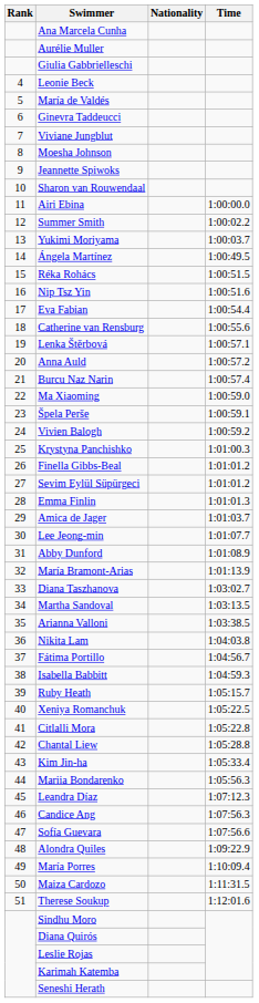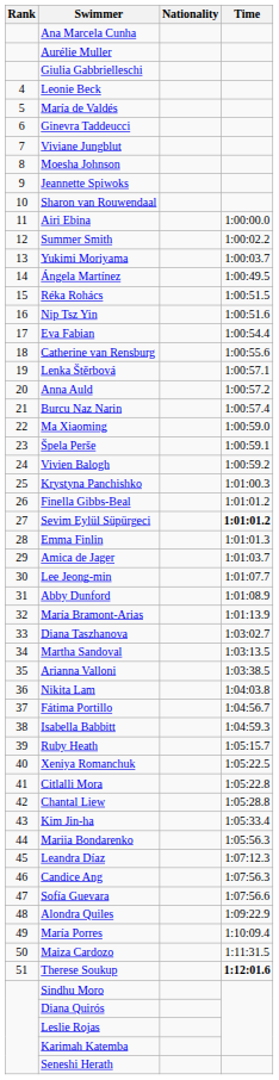 <table class="wikitable sortable" style="text-align:center">
 <tr>
 <th>Rank</th>
 <th>Swimmer</th>
 <th>Nationality</th>
 <th>Time</th>
 </tr>
 <tr>
 <td></td>
 <td align=left><a href='#'>Ana Marcela Cunha</a></td>
 <td align=left></td>
 <td></td>
 </tr>
 <tr>
 <td></td>
 <td align=left><a href='#'>Aurélie Muller</a></td>
 <td align=left></td>
 <td></td>
 </tr>
 <tr>
 <td></td>
 <td align=left><a href='#'>Giulia Gabbrielleschi</a></td>
 <td align=left></td>
 <td></td>
 </tr>
 <tr>
 <td>4</td>
 <td align=left><a href='#'>Leonie Beck</a></td>
 <td align=left></td>
 <td></td>
 </tr>
 <tr>
 <td>5</td>
 <td align=left><a href='#'>María de Valdés</a></td>
 <td align=left></td>
 <td></td>
 </tr>
 <tr>
 <td>6</td>
 <td align=left><a href='#'>Ginevra Taddeucci</a></td>
 <td align=left></td>
 <td></td>
 </tr>
 <tr>
 <td>7</td>
 <td align=left><a href='#'>Viviane Jungblut</a></td>
 <td align=left></td>
 <td></td>
 </tr>
 <tr>
 <td>8</td>
 <td align=left><a href='#'>Moesha Johnson</a></td>
 <td align=left></td>
 <td></td>
 </tr>
 <tr>
 <td>9</td>
 <td align=left><a href='#'>Jeannette Spiwoks</a></td>
 <td align=left></td>
 <td></td>
 </tr>
 <tr>
 <td>10</td>
 <td align=left><a href='#'>Sharon van Rouwendaal</a></td>
 <td align=left></td>
 <td></td>
 </tr>
 <tr>
 <td>11</td>
 <td align=left><a href='#'>Airi Ebina</a></td>
 <td align=left></td>
 <td>1:00:00.0</td>
 </tr>
 <tr>
 <td>12</td>
 <td align=left><a href='#'>Summer Smith</a></td>
 <td align=left></td>
 <td>1:00:02.2</td>
 </tr>
 <tr>
 <td>13</td>
 <td align=left><a href='#'>Yukimi Moriyama</a></td>
 <td align=left></td>
 <td>1:00:03.7</td>
 </tr>
 <tr>
 <td>14</td>
 <td align=left><a href='#'>Ángela Martínez</a></td>
 <td align=left></td>
 <td>1:00:49.5</td>
 </tr>
 <tr>
 <td>15</td>
 <td align=left><a href='#'>Réka Rohács</a></td>
 <td align=left></td>
 <td>1:00:51.5</td>
 </tr>
 <tr>
 <td>16</td>
 <td align=left><a href='#'>Nip Tsz Yin</a></td>
 <td align=left></td>
 <td>1:00:51.6</td>
 </tr>
 <tr>
 <td>17</td>
 <td align=left><a href='#'>Eva Fabian</a></td>
 <td align=left></td>
 <td>1:00:54.4</td>
 </tr>
 <tr>
 <td>18</td>
 <td align=left><a href='#'>Catherine van Rensburg</a></td>
 <td align=left></td>
 <td>1:00:55.6</td>
 </tr>
 <tr>
 <td>19</td>
 <td align=left><a href='#'>Lenka Štěrbová</a></td>
 <td align=left></td>
 <td>1:00:57.1</td>
 </tr>
 <tr>
 <td>20</td>
 <td align=left><a href='#'>Anna Auld</a></td>
 <td align=left></td>
 <td>1:00:57.2</td>
 </tr>
 <tr>
 <td>21</td>
 <td align=left><a href='#'>Burcu Naz Narin</a></td>
 <td align=left></td>
 <td>1:00:57.4</td>
 </tr>
 <tr>
 <td>22</td>
 <td align=left><a href='#'>Ma Xiaoming</a></td>
 <td align=left></td>
 <td>1:00:59.0</td>
 </tr>
 <tr>
 <td>23</td>
 <td align=left><a href='#'>Špela Perše</a></td>
 <td align=left></td>
 <td>1:00:59.1</td>
 </tr>
 <tr>
 <td>24</td>
 <td align=left><a href='#'>Vivien Balogh</a></td>
 <td align=left></td>
 <td>1:00:59.2</td>
 </tr>
 <tr>
 <td>25</td>
 <td align=left><a href='#'>Krystyna Panchishko</a></td>
 <td align=left></td>
 <td>1:01:00.3</td>
 </tr>
 <tr>
 <td>26</td>
 <td align=left><a href='#'>Finella Gibbs-Beal</a></td>
 <td align=left></td>
 <td>1:01:01.2</td>
 </tr>
 <tr>
 <td>27</td>
 <td align=left><a href='#'>Sevim Eylül Süpürgeci</a></td>
 <td align=left></td>
-<td>1:01:01.2</td>
+<td><strong>1:01:01.2</strong></td>
 </tr>
 <tr>
 <td>28</td>
 <td align=left><a href='#'>Emma Finlin</a></td>
 <td align=left></td>
 <td>1:01:01.3</td>
 </tr>
 <tr>
 <td>29</td>
 <td align=left><a href='#'>Amica de Jager</a></td>
 <td align=left></td>
 <td>1:01:03.7</td>
 </tr>
 <tr>
 <td>30</td>
 <td align=left><a href='#'>Lee Jeong-min</a></td>
 <td align=left></td>
 <td>1:01:07.7</td>
 </tr>
 <tr>
 <td>31</td>
 <td align=left><a href='#'>Abby Dunford</a></td>
 <td align=left></td>
 <td>1:01:08.9</td>
 </tr>
 <tr>
 <td>32</td>
 <td align=left><a href='#'>María Bramont-Arias</a></td>
 <td align=left></td>
 <td>1:01:13.9</td>
 </tr>
 <tr>
 <td>33</td>
 <td align=left><a href='#'>Diana Taszhanova</a></td>
 <td align=left></td>
 <td>1:03:02.7</td>
 </tr>
 <tr>
 <td>34</td>
 <td align=left><a href='#'>Martha Sandoval</a></td>
 <td align=left></td>
 <td>1:03:13.5</td>
 </tr>
 <tr>
 <td>35</td>
 <td align=left><a href='#'>Arianna Valloni</a></td>
 <td align=left></td>
 <td>1:03:38.5</td>
 </tr>
 <tr>
 <td>36</td>
 <td align=left><a href='#'>Nikita Lam</a></td>
 <td align=left></td>
 <td>1:04:03.8</td>
 </tr>
 <tr>
 <td>37</td>
 <td align=left><a href='#'>Fátima Portillo</a></td>
 <td align=left></td>
 <td>1:04:56.7</td>
 </tr>
 <tr>
 <td>38</td>
 <td align=left><a href='#'>Isabella Babbitt</a></td>
 <td align=left></td>
 <td>1:04:59.3</td>
 </tr>
 <tr>
 <td>39</td>
 <td align=left><a href='#'>Ruby Heath</a></td>
 <td align=left></td>
 <td>1:05:15.7</td>
 </tr>
 <tr>
 <td>40</td>
 <td align=left><a href='#'>Xeniya Romanchuk</a></td>
 <td align=left></td>
 <td>1:05:22.5</td>
 </tr>
 <tr>
 <td>41</td>
 <td align=left><a href='#'>Citlalli Mora</a></td>
 <td align=left></td>
 <td>1:05:22.8</td>
 </tr>
 <tr>
 <td>42</td>
 <td align=left><a href='#'>Chantal Liew</a></td>
 <td align=left></td>
 <td>1:05:28.8</td>
 </tr>
 <tr>
 <td>43</td>
 <td align=left><a href='#'>Kim Jin-ha</a></td>
 <td align=left></td>
 <td>1:05:33.4</td>
 </tr>
 <tr>
 <td>44</td>
 <td align=left><a href='#'>Mariia Bondarenko</a></td>
 <td align=left></td>
 <td>1:05:56.3</td>
 </tr>
 <tr>
 <td>45</td>
 <td align=left><a href='#'>Leandra Díaz</a></td>
 <td align=left></td>
 <td>1:07:12.3</td>
 </tr>
 <tr>
 <td>46</td>
 <td align=left><a href='#'>Candice Ang</a></td>
 <td align=left></td>
 <td>1:07:56.3</td>
 </tr>
 <tr>
 <td>47</td>
 <td align=left><a href='#'>Sofía Guevara</a></td>
 <td align=left></td>
 <td>1:07:56.6</td>
 </tr>
 <tr>
 <td>48</td>
 <td align=left><a href='#'>Alondra Quiles</a></td>
 <td align=left></td>
 <td>1:09:22.9</td>
 </tr>
 <tr>
 <td>49</td>
 <td align=left><a href='#'>María Porres</a></td>
 <td align=left></td>
 <td>1:10:09.4</td>
 </tr>
 <tr>
 <td>50</td>
 <td align=left><a href='#'>Maiza Cardozo</a></td>
 <td align=left></td>
 <td>1:11:31.5</td>
 </tr>
 <tr>
 <td>51</td>
 <td align=left><a href='#'>Therese Soukup</a></td>
 <td align=left></td>
-<td>1:12:01.6</td>
+<td><strong>1:12:01.6</strong></td>
 </tr>
 <tr>
 <td rowspan=5></td>
 <td align=left><a href='#'>Sindhu Moro</a></td>
 <td align=left></td>
 <td rowspan=4></td>
 </tr>
 <tr>
 <td align=left><a href='#'>Diana Quirós</a></td>
 <td align=left></td>
 </tr>
 <tr>
 <td align=left><a href='#'>Leslie Rojas</a></td>
 <td align=left></td>
 </tr>
 <tr>
 <td align=left><a href='#'>Karimah Katemba</a></td>
 <td align=left></td>
 </tr>
 <tr>
 <td align=left><a href='#'>Seneshi Herath</a></td>
 <td align=left></td>
 <td></td>
 </tr>
 </table>
